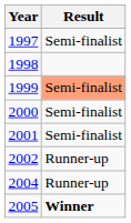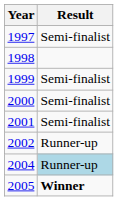 <table class="wikitable">
 <tr>
 <th>Year</th>
 <th>Result</th>
 </tr>
 <tr>
 <td><a href='#'>1997</a></td>
 <td> Semi-finalist</td>
 </tr>
 <tr>
 <td><a href='#'>1998</a></td>
 <td></td>
 </tr>
 <tr>
 <td><a href='#'>1999</a></td>
-<td style="background: lightsalmon;"> Semi-finalist</td>
+<td> Semi-finalist</td>
 </tr>
 <tr>
 <td><a href='#'>2000</a></td>
 <td> Semi-finalist</td>
 </tr>
 <tr>
 <td><a href='#'>2001</a></td>
 <td> Semi-finalist</td>
 </tr>
 <tr>
 <td><a href='#'>2002</a></td>
 <td> Runner-up</td>
 </tr>
 <tr>
 <td><a href='#'>2004</a></td>
-<td> Runner-up</td>
+<td style="background: lightblue;"> Runner-up</td>
 </tr>
 <tr>
 <td><a href='#'>2005</a></td>
 <td> <strong>Winner</strong></td>
 </tr>
 </table>
